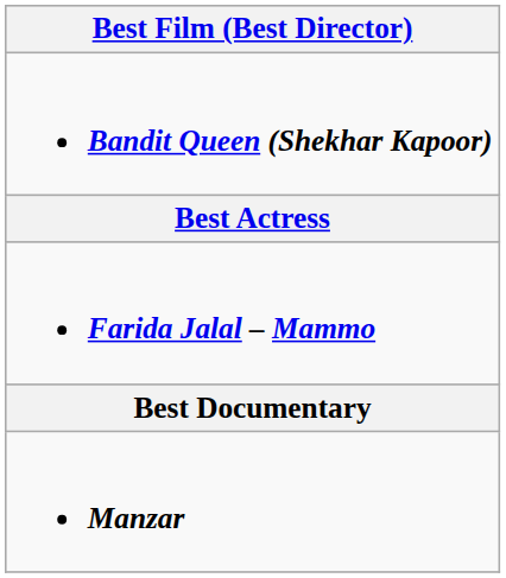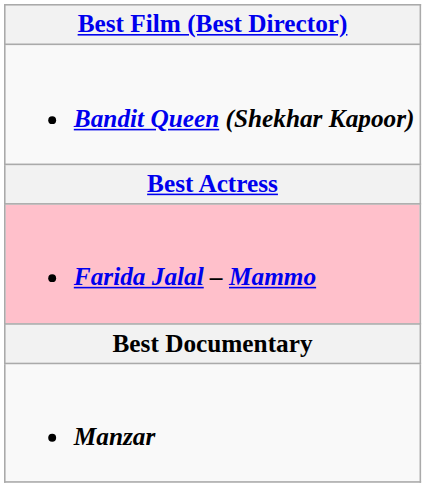 <table class="wikitable">
 <tr>
 <th colspan=2><a href='#'>Best Film (Best Director)</a></th>
 </tr>
 <tr>
 <td colspan=2><br><ul><li><strong> <em><a href='#'>Bandit Queen</a> (Shekhar Kapoor)</em> </strong></li></ul></td>
 </tr>
 <tr>
 <th><a href='#'>Best Actress</a></th>
 </tr>
 <tr>
-<td colpsan=2><br><ul><li><strong> <em><a href='#'>Farida Jalal</a> – <a href='#'>Mammo</a></em> </strong></li></ul></td>
+<td colpsan=2 style="background: pink;"><br><ul><li><strong> <em><a href='#'>Farida Jalal</a> – <a href='#'>Mammo</a></em> </strong></li></ul></td>
 </tr>
 <tr>
 <th colspan=2>Best Documentary</th>
 </tr>
 <tr>
 <td colspan=2><br><ul><li><strong> <em>Manzar</em> </strong></li></ul></td>
 </tr>
 </table>
